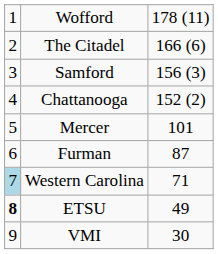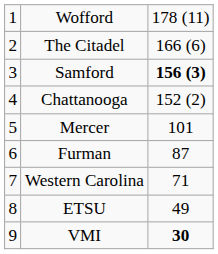 <table class="wikitable" style="display: inline-table;">
 <tr align="center">
 <td>1</td>
 <td>Wofford</td>
 <td>178 (11)</td>
 </tr>
 <tr align="center">
 <td>2</td>
 <td>The Citadel</td>
 <td>166 (6)</td>
 </tr>
 <tr align="center">
 <td>3</td>
 <td>Samford</td>
-<td>156 (3)</td>
+<td><strong>156 (3)</strong></td>
 </tr>
 <tr align="center">
 <td>4</td>
 <td>Chattanooga</td>
 <td>152 (2)</td>
 </tr>
 <tr align="center">
 <td>5</td>
 <td>Mercer</td>
 <td>101</td>
 </tr>
 <tr align="center">
 <td>6</td>
 <td>Furman</td>
 <td>87</td>
 </tr>
 <tr align="center">
-<td style="background: lightblue;">7</td>
+<td>7</td>
 <td>Western Carolina</td>
 <td>71</td>
 </tr>
 <tr align="center">
-<td><strong>8</strong></td>
+<td>8</td>
 <td>ETSU</td>
 <td>49</td>
 </tr>
 <tr align="center">
 <td>9</td>
 <td>VMI</td>
-<td>30</td>
+<td><strong>30</strong></td>
 </tr>
 </table>
